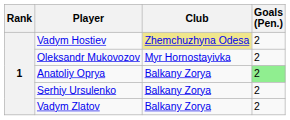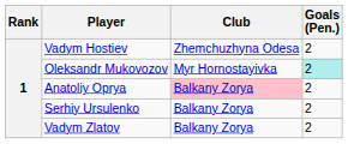 <table class="wikitable">
 <tr>
 <th>Rank</th>
 <th>Player</th>
 <th>Club</th>
 <th>Goals<br>(Pen.)</th>
 </tr>
 <tr>
 <th rowspan=5>1</th>
 <td align="left"> <a href='#'>Vadym Hostiev</a></td>
-<td align="left" style="background: khaki;"><a href='#'>Zhemchuzhyna Odesa</a></td>
+<td align="left"><a href='#'>Zhemchuzhyna Odesa</a></td>
 <td>2</td>
 </tr>
 <tr>
 <td align="left"> <a href='#'>Oleksandr Mukovozov</a></td>
 <td align="left"><a href='#'>Myr Hornostayivka</a></td>
-<td>2</td>
+<td style="background: paleturquoise;">2</td>
 </tr>
 <tr>
 <td align="left"> <a href='#'>Anatoliy Oprya</a></td>
-<td align="left"><a href='#'>Balkany Zorya</a></td>
-<td style="background: lightgreen;">2</td>
+<td align="left" style="background: pink;"><a href='#'>Balkany Zorya</a></td>
+<td>2</td>
 </tr>
 <tr>
 <td align="left"> <a href='#'>Serhiy Ursulenko</a></td>
 <td align="left"><a href='#'>Balkany Zorya</a></td>
 <td>2</td>
 </tr>
 <tr>
 <td align="left"> <a href='#'>Vadym Zlatov</a></td>
 <td align="left"><a href='#'>Balkany Zorya</a></td>
 <td>2</td>
 </tr>
 </table>
